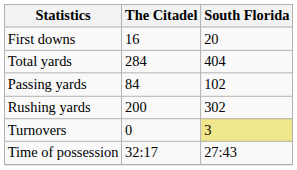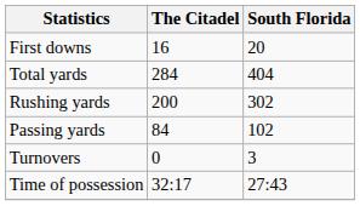 <table class="wikitable">
 <tr>
 <th>Statistics</th>
 <th>The Citadel</th>
 <th>South Florida</th>
 </tr>
 <tr>
 <td>First downs</td>
 <td>16</td>
 <td>20</td>
 </tr>
 <tr>
 <td>Total yards</td>
 <td>284</td>
 <td>404</td>
 </tr>
 <tr>
+<td>Rushing yards</td>
+<td>200</td>
+<td>302</td>
+</tr>
+<tr>
 <td>Passing yards</td>
 <td>84</td>
 <td>102</td>
 </tr>
 <tr>
-<td>Rushing yards</td>
-<td>200</td>
-<td>302</td>
-</tr>
-<tr>
 <td>Turnovers</td>
 <td>0</td>
-<td style="background: khaki;">3</td>
+<td>3</td>
 </tr>
 <tr>
 <td>Time of possession</td>
 <td>32:17</td>
 <td>27:43</td>
 </tr>
 <tr>
 </tr>
 </table>
